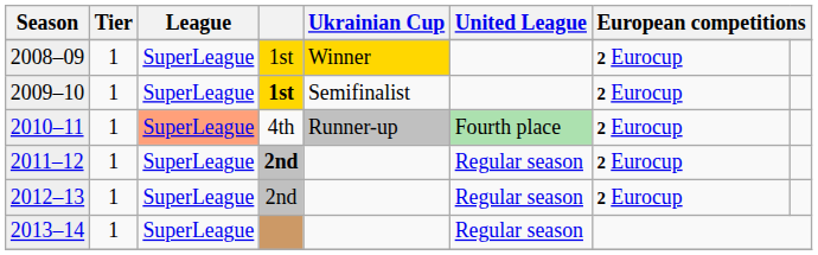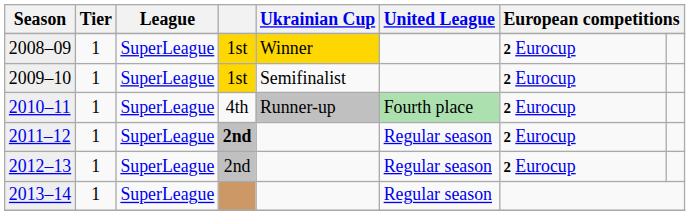 <table class="wikitable" style="font-size:85%">
 <tr bgcolor=>
 <th>Season</th>
 <th>Tier</th>
 <th>League</th>
 <th></th>
 <th><a href='#'>Ukrainian Cup</a></th>
 <th><a href='#'>United League</a></th>
 <th colspan=2>European competitions</th>
 </tr>
 <tr>
 </tr>
 <tr>
 <td style="background:#efefef;">2008–09</td>
 <td align="center">1</td>
 <td><a href='#'>SuperLeague</a></td>
 <td style="background:gold" align=center>1st</td>
 <td style="background:gold">Winner</td>
 <td></td>
 <td><small><strong>2</strong></small> <a href='#'>Eurocup</a></td>
 <td></td>
 </tr>
 <tr>
 <td style="background:#efefef;">2009–10</td>
 <td align="center">1</td>
 <td><a href='#'>SuperLeague</a></td>
-<td align=center bgcolor=gold><strong>1st</strong></td>
+<td align=center bgcolor=gold>1st</td>
 <td>Semifinalist</td>
 <td></td>
 <td><small><strong>2</strong></small> <a href='#'>Eurocup</a></td>
 <td></td>
 </tr>
 <tr>
 <td style="background:#efefef;"><a href='#'>2010–11</a></td>
 <td align="center">1</td>
-<td style="background: lightsalmon;"><a href='#'>SuperLeague</a></td>
+<td><a href='#'>SuperLeague</a></td>
 <td align=center>4th</td>
 <td style="background:silver">Runner-up</td>
 <td style="background:#ACE1AF">Fourth place</td>
 <td><small><strong>2</strong></small> <a href='#'>Eurocup</a></td>
 <td></td>
 </tr>
 <tr>
 <td style="background:#efefef;"><a href='#'>2011–12</a></td>
 <td align="center">1</td>
 <td><a href='#'>SuperLeague</a></td>
 <td style="background:silver"  align=center><strong>2nd</strong></td>
 <td></td>
 <td><a href='#'>Regular season</a></td>
 <td><small><strong>2</strong></small> <a href='#'>Eurocup</a></td>
 <td></td>
 </tr>
 <tr>
 <td style="background:#efefef;"><a href='#'>2012–13</a></td>
 <td align="center">1</td>
 <td><a href='#'>SuperLeague</a></td>
 <td style="background:silver" align=center>2nd</td>
 <td></td>
 <td><a href='#'>Regular season</a></td>
 <td><small><strong>2</strong></small> <a href='#'>Eurocup</a></td>
 <td></td>
 </tr>
 <tr>
 <td style="background:#efefef;"><a href='#'>2013–14</a></td>
 <td align="center">1</td>
 <td><a href='#'>SuperLeague</a></td>
 <td style="background:#CC9966;"></td>
 <td></td>
 <td><a href='#'>Regular season</a></td>
 <td colspan=2></td>
 </tr>
 <tr>
 </tr>
 </table>
